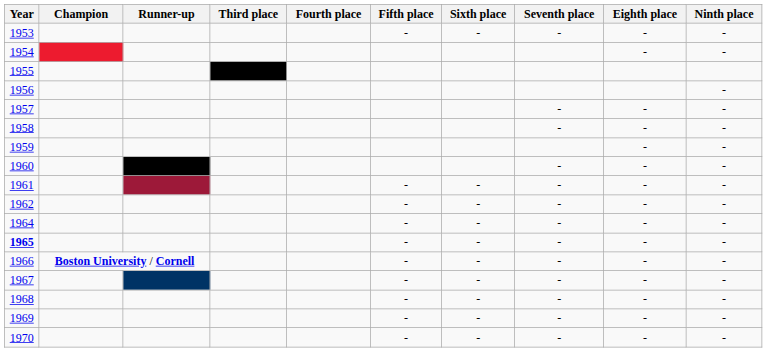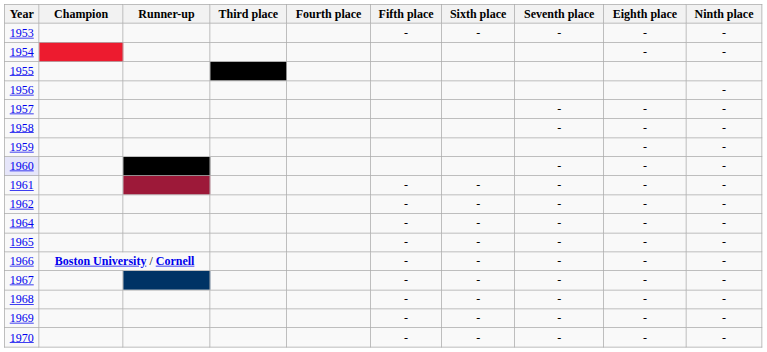 <table class="wikitable sortable" width=80%>
 <tr align="center">
 <th>Year</th>
 <th>Champion</th>
 <th>Runner-up</th>
 <th>Third place</th>
 <th>Fourth place</th>
 <th>Fifth place</th>
 <th>Sixth place</th>
 <th>Seventh place</th>
 <th>Eighth place</th>
 <th>Ninth place</th>
 </tr>
 <tr align="center">
 <td><a href='#'>1953</a></td>
 <td><strong><a href='#'></a></strong></td>
 <td><a href='#'></a></td>
 <td><a href='#'></a></td>
 <td><a href='#'></a></td>
 <td>-</td>
 <td>-</td>
 <td>-</td>
 <td>-</td>
 <td>-</td>
 </tr>
 <tr align="center">
 <td><a href='#'>1954</a></td>
 <td style="color:white; background:#ed1b2f; "><strong><a href='#'></a></strong></td>
 <td><a href='#'></a></td>
 <td><a href='#'></a></td>
 <td><a href='#'></a></td>
 <td><a href='#'></a></td>
 <td><a href='#'></a></td>
 <td><a href='#'></a></td>
 <td>-</td>
 <td>-</td>
 </tr>
 <tr align="center">
 <td><a href='#'>1955</a></td>
 <td><strong><a href='#'></a></strong></td>
 <td><a href='#'></a></td>
 <td style="color:white; background:#000000; "><a href='#'></a></td>
 <td><a href='#'></a></td>
 <td><a href='#'></a></td>
 <td><a href='#'></a></td>
 <td><a href='#'></a></td>
 <td><a href='#'></a></td>
 <td><a href='#'></a></td>
 </tr>
 <tr align="center">
 <td><a href='#'>1956</a></td>
 <td><strong><a href='#'></a></strong></td>
 <td><a href='#'></a></td>
 <td><a href='#'></a></td>
 <td><a href='#'></a></td>
 <td><a href='#'></a></td>
 <td><a href='#'></a></td>
 <td><a href='#'></a></td>
 <td><a href='#'></a></td>
 <td>-</td>
 </tr>
 <tr align="center">
 <td><a href='#'>1957</a></td>
 <td><strong><a href='#'></a></strong></td>
 <td><a href='#'></a></td>
 <td><a href='#'></a></td>
 <td><a href='#'></a></td>
 <td><a href='#'></a></td>
 <td><a href='#'></a></td>
 <td>-</td>
 <td>-</td>
 <td>-</td>
 </tr>
 <tr align="center">
 <td><a href='#'>1958</a></td>
 <td><strong><a href='#'></a></strong></td>
 <td><a href='#'></a></td>
 <td><a href='#'></a></td>
 <td><a href='#'></a></td>
 <td><a href='#'></a></td>
 <td><a href='#'></a></td>
 <td>-</td>
 <td>-</td>
 <td>-</td>
 </tr>
 <tr align="center">
 <td><a href='#'>1959</a></td>
 <td><strong><a href='#'></a></strong></td>
 <td><a href='#'></a></td>
 <td><a href='#'></a></td>
 <td><a href='#'></a></td>
 <td><a href='#'></a></td>
 <td><a href='#'></a></td>
 <td><a href='#'></a></td>
 <td>-</td>
 <td>-</td>
 </tr>
 <tr align="center">
-<td><a href='#'>1960</a></td>
+<td style="background: lavender;"><a href='#'>1960</a></td>
 <td><strong><a href='#'></a></strong></td>
 <td style="color:white; background:#000000; "><a href='#'></a></td>
 <td><a href='#'></a></td>
 <td><a href='#'></a></td>
 <td><a href='#'></a></td>
 <td><a href='#'></a></td>
 <td>-</td>
 <td>-</td>
 <td>-</td>
 </tr>
 <tr align="center">
 <td><a href='#'>1961</a></td>
 <td><strong><a href='#'></a></strong></td>
 <td style="color:white; background:#9d1939; "><a href='#'></a></td>
 <td><a href='#'></a></td>
 <td><a href='#'></a></td>
 <td>-</td>
 <td>-</td>
 <td>-</td>
 <td>-</td>
 <td>-</td>
 </tr>
 <tr align="center">
 <td><a href='#'>1962</a></td>
 <td><strong><a href='#'></a></strong></td>
 <td><a href='#'></a></td>
 <td><a href='#'></a></td>
 <td><a href='#'></a></td>
 <td>-</td>
 <td>-</td>
 <td>-</td>
 <td>-</td>
 <td>-</td>
 </tr>
 <tr align="center">
 <td><a href='#'>1964</a></td>
 <td><strong><a href='#'></a></strong></td>
 <td><a href='#'></a></td>
 <td><a href='#'></a></td>
 <td><a href='#'></a></td>
 <td>-</td>
 <td>-</td>
 <td>-</td>
 <td>-</td>
 <td>-</td>
 </tr>
 <tr align="center">
-<td><strong><a href='#'>1965</a></strong></td>
+<td><a href='#'>1965</a></td>
 <td><strong><a href='#'></a></strong></td>
 <td><a href='#'></a></td>
 <td><a href='#'></a></td>
 <td><a href='#'></a></td>
 <td>-</td>
 <td>-</td>
 <td>-</td>
 <td>-</td>
 <td>-</td>
 </tr>
 <tr align="center">
 <td><a href='#'>1966</a></td>
 <td colspan=2><strong><a href='#'>Boston University</a></strong> / <strong><a href='#'>Cornell</a></strong></td>
 <td><a href='#'></a></td>
 <td><a href='#'></a></td>
 <td>-</td>
 <td>-</td>
 <td>-</td>
 <td>-</td>
 <td>-</td>
 </tr>
 <tr align="center">
 <td><a href='#'>1967</a></td>
 <td><strong><a href='#'></a></strong></td>
 <td style="color:white; background:#003365"><a href='#'></a></td>
 <td><a href='#'></a></td>
 <td><a href='#'></a></td>
 <td>-</td>
 <td>-</td>
 <td>-</td>
 <td>-</td>
 <td>-</td>
 </tr>
 <tr align="center">
 <td><a href='#'>1968</a></td>
 <td><strong><a href='#'></a></strong></td>
 <td><a href='#'></a></td>
 <td><a href='#'></a></td>
 <td><a href='#'></a></td>
 <td>-</td>
 <td>-</td>
 <td>-</td>
 <td>-</td>
 <td>-</td>
 </tr>
 <tr align="center">
 <td><a href='#'>1969</a></td>
 <td><strong><a href='#'></a></strong></td>
 <td><a href='#'></a></td>
 <td><a href='#'></a></td>
 <td><a href='#'></a></td>
 <td>-</td>
 <td>-</td>
 <td>-</td>
 <td>-</td>
 <td>-</td>
 </tr>
 <tr align="center">
 <td><a href='#'>1970</a></td>
 <td><strong><a href='#'></a></strong></td>
 <td><a href='#'></a></td>
 <td><a href='#'></a></td>
 <td><a href='#'></a></td>
 <td>-</td>
 <td>-</td>
 <td>-</td>
 <td>-</td>
 <td>-</td>
 </tr>
 </table>
